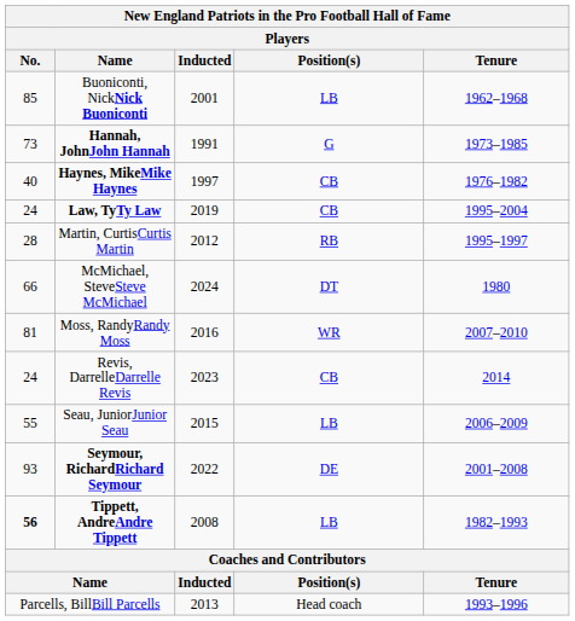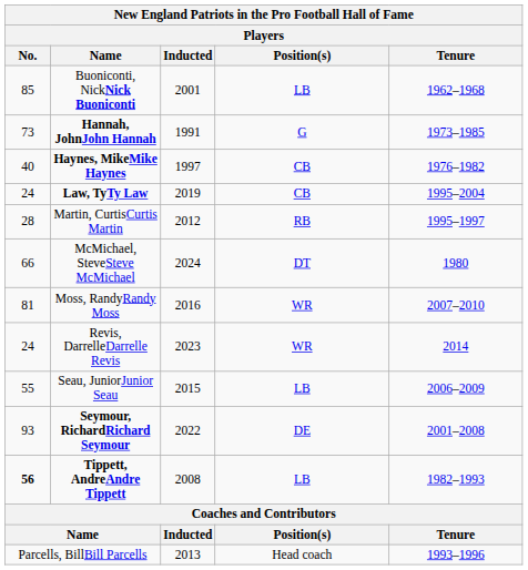 <table class="wikitable sortable" style="text-align:center">
 <tr>
 <th colspan="5">New England Patriots in the Pro Football Hall of Fame</th>
 </tr>
 <tr>
 <th colspan="5">Players</th>
 </tr>
 <tr>
 <th style="width:50px;">No.</th>
 <th style="width:130px;">Name</th>
 <th style="width:50px;">Inducted</th>
 <th style="width:210px;">Position(s)</th>
 <th style="width:160px;">Tenure</th>
 </tr>
 <tr>
 <td style="text-align:center;">85</td>
 <td><span>Buoniconti, Nick</span><strong><a href='#'>Nick Buoniconti</a></strong></td>
 <td style="text-align:center;">2001</td>
 <td><a href='#'>LB</a></td>
 <td style="text-align:center;"><a href='#'>1962</a>–<a href='#'>1968</a></td>
 </tr>
 <tr>
 <td style="text-align:center;">73</td>
 <td><span><strong>Hannah, John</strong></span><strong><a href='#'>John Hannah</a></strong></td>
 <td style="text-align:center;">1991</td>
 <td><a href='#'>G</a></td>
 <td style="text-align:center;"><a href='#'>1973</a>–<a href='#'>1985</a></td>
 </tr>
 <tr>
 <td style="text-align:center;">40</td>
 <td><span><strong>Haynes, Mike</strong></span><strong><a href='#'>Mike Haynes</a></strong></td>
 <td style="text-align:center;">1997</td>
 <td><a href='#'>CB</a></td>
 <td style="text-align:center;"><a href='#'>1976</a>–<a href='#'>1982</a></td>
 </tr>
 <tr>
 <td style="text-align:center;">24</td>
 <td><span><strong>Law, Ty</strong></span><strong><a href='#'>Ty Law</a></strong></td>
 <td style="text-align:center;">2019</td>
 <td><a href='#'>CB</a></td>
 <td style="text-align:center;"><a href='#'>1995</a>–<a href='#'>2004</a></td>
 </tr>
 <tr>
 <td style="text-align:center;">28</td>
 <td><span>Martin, Curtis</span><a href='#'>Curtis Martin</a></td>
 <td style="text-align:center;">2012</td>
 <td><a href='#'>RB</a></td>
 <td style="text-align:center;"><a href='#'>1995</a>–<a href='#'>1997</a></td>
 </tr>
 <tr>
 <td style="text-align:center;">66</td>
 <td><span>McMichael, Steve</span><a href='#'>Steve McMichael</a></td>
 <td style="text-align:center;">2024</td>
 <td><a href='#'>DT</a></td>
 <td style="text-align:center;"><a href='#'>1980</a></td>
 </tr>
 <tr>
 <td style="text-align:center;">81</td>
 <td><span>Moss, Randy</span><a href='#'>Randy Moss</a></td>
 <td style="text-align:center;">2016</td>
 <td><a href='#'>WR</a></td>
 <td style="text-align:center;"><a href='#'>2007</a>–<a href='#'>2010</a></td>
 </tr>
 <tr>
 <td style="text-align:center;">24</td>
 <td><span>Revis, Darrelle</span><a href='#'>Darrelle Revis</a></td>
 <td style="text-align:center;">2023</td>
-<td><a href='#'>CB</a></td>
+<td><a href='#'>WR</a></td>
 <td style="text-align:center;"><a href='#'>2014</a></td>
 </tr>
 <tr>
 <td style="text-align:center;">55</td>
 <td><span>Seau, Junior</span><a href='#'>Junior Seau</a></td>
 <td style="text-align:center;">2015</td>
 <td><a href='#'>LB</a></td>
 <td style="text-align:center;"><a href='#'>2006</a>–<a href='#'>2009</a></td>
 </tr>
 <tr>
 <td style="text-align:center;">93</td>
 <td><span><strong>Seymour, Richard</strong></span><strong><a href='#'>Richard Seymour</a></strong></td>
 <td style="text-align:center;">2022</td>
 <td><a href='#'>DE</a></td>
 <td style="text-align:center;"><a href='#'>2001</a>–<a href='#'>2008</a></td>
 </tr>
 <tr>
 <td style="text-align:center;"><strong>56</strong></td>
 <td><span><strong>Tippett, Andre</strong></span><strong><a href='#'>Andre Tippett</a></strong></td>
 <td style="text-align:center;">2008</td>
 <td><a href='#'>LB</a></td>
 <td style="text-align:center;"><a href='#'>1982</a>–<a href='#'>1993</a></td>
 </tr>
 <tr>
 <th colspan="5">Coaches and Contributors</th>
 </tr>
 <tr>
 <th style="width:130px;" colspan=2>Name</th>
 <th style="width:50px;">Inducted</th>
 <th style="width:210px;">Position(s)</th>
 <th style="width:160px;">Tenure</th>
 </tr>
 <tr>
 <td colspan=2><span>Parcells, Bill</span><a href='#'>Bill Parcells</a></td>
 <td style="text-align:center;">2013</td>
 <td>Head coach</td>
 <td style="text-align:center;"><a href='#'>1993</a>–<a href='#'>1996</a></td>
 </tr>
 </table>
